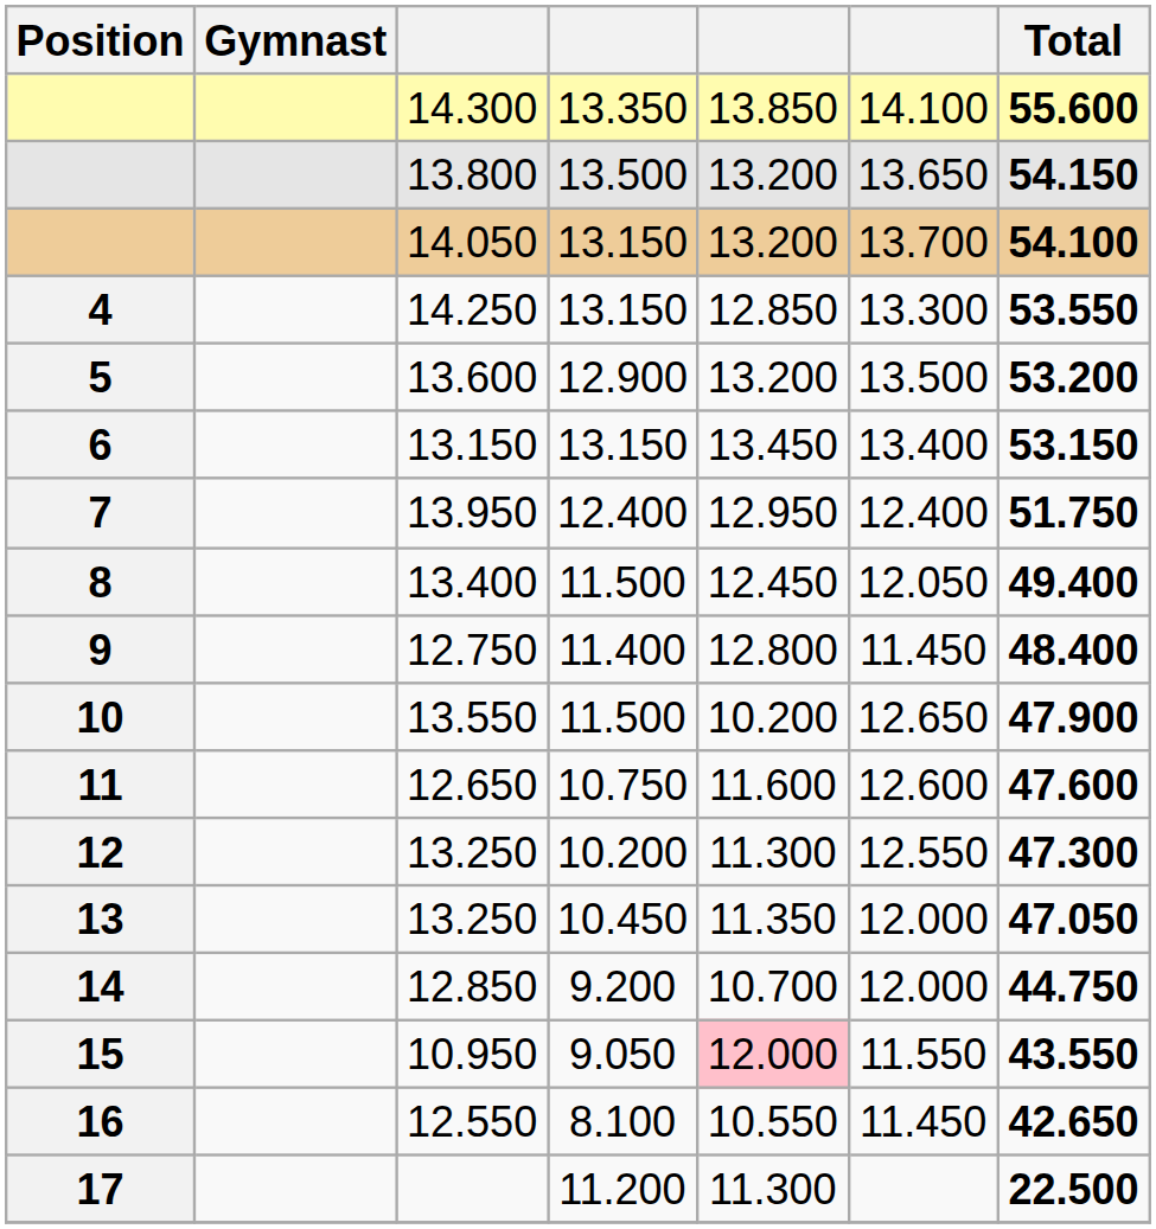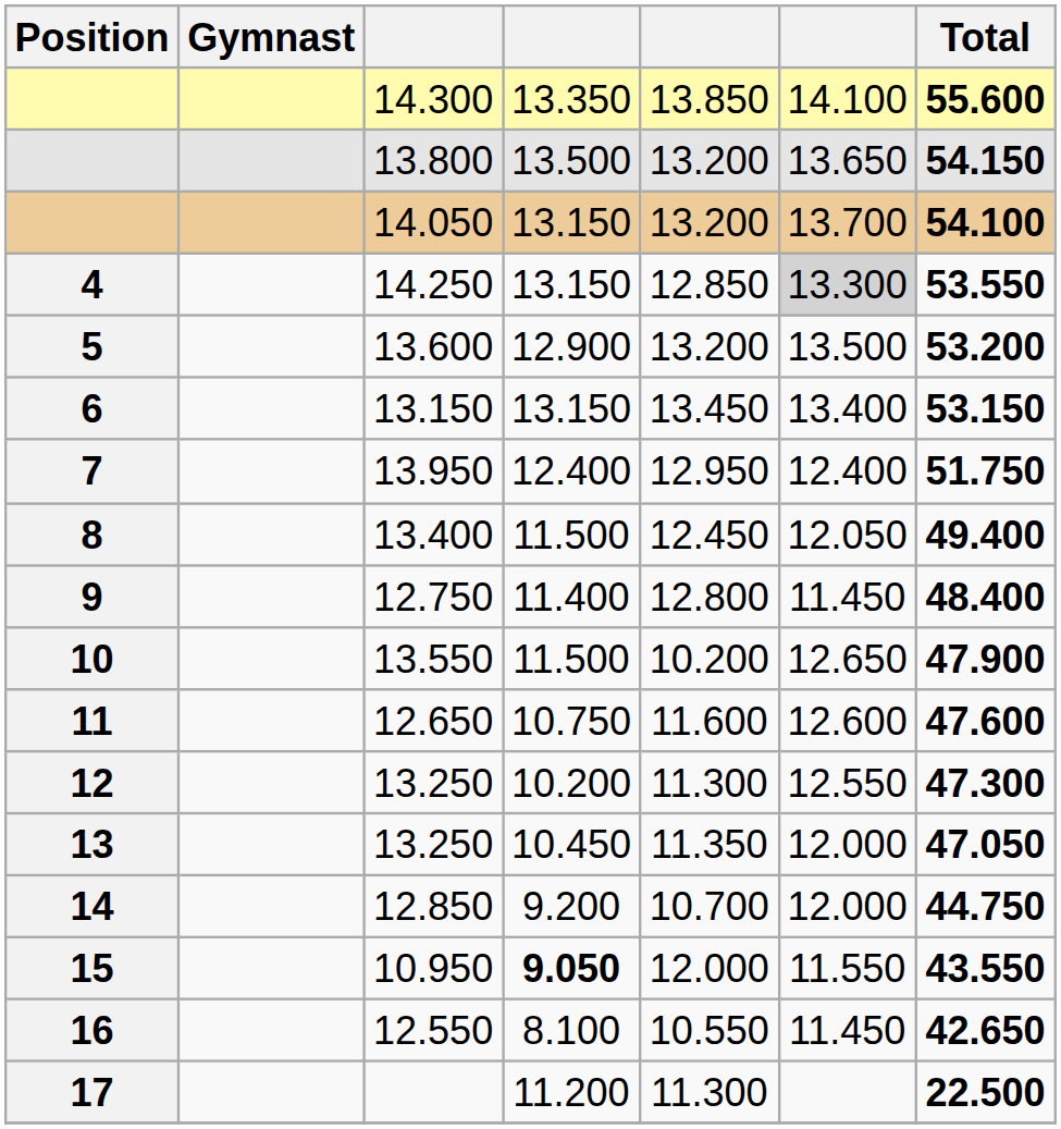 <table class="wikitable sortable" style="text-align:center; font-size:95%">
 <tr>
 <th>Position</th>
 <th>Gymnast</th>
 <th></th>
 <th></th>
 <th></th>
 <th></th>
 <th>Total</th>
 </tr>
 <tr bgcolor=fffcaf>
 <td></td>
 <td align=left></td>
 <td>14.300</td>
 <td>13.350</td>
 <td>13.850</td>
 <td>14.100</td>
 <td><strong>55.600</strong></td>
 </tr>
 <tr bgcolor=e5e5e5>
 <td></td>
 <td align=left></td>
 <td>13.800</td>
 <td>13.500</td>
 <td>13.200</td>
 <td>13.650</td>
 <td><strong>54.150</strong></td>
 </tr>
 <tr bgcolor=eecc99>
 <td></td>
 <td align=left></td>
 <td>14.050</td>
 <td>13.150</td>
 <td>13.200</td>
 <td>13.700</td>
 <td><strong>54.100</strong></td>
 </tr>
 <tr>
 <th><strong>4</strong></th>
 <td align=left></td>
 <td>14.250</td>
 <td>13.150</td>
 <td>12.850</td>
-<td>13.300</td>
+<td style="background: lightgrey;">13.300</td>
 <td><strong>53.550</strong></td>
 </tr>
 <tr>
 <th><strong>5</strong></th>
 <td align=left></td>
 <td>13.600</td>
 <td>12.900</td>
 <td>13.200</td>
 <td>13.500</td>
 <td><strong>53.200</strong></td>
 </tr>
 <tr>
 <th><strong>6</strong></th>
 <td align=left></td>
 <td>13.150</td>
 <td>13.150</td>
 <td>13.450</td>
 <td>13.400</td>
 <td><strong>53.150</strong></td>
 </tr>
 <tr>
 <th><strong>7</strong></th>
 <td align=left></td>
 <td>13.950</td>
 <td>12.400</td>
 <td>12.950</td>
 <td>12.400</td>
 <td><strong>51.750</strong></td>
 </tr>
 <tr>
 <th><strong>8</strong></th>
 <td align=left></td>
 <td>13.400</td>
 <td>11.500</td>
 <td>12.450</td>
 <td>12.050</td>
 <td><strong>49.400</strong></td>
 </tr>
 <tr>
 <th><strong>9</strong></th>
 <td align=left></td>
 <td>12.750</td>
 <td>11.400</td>
 <td>12.800</td>
 <td>11.450</td>
 <td><strong>48.400</strong></td>
 </tr>
 <tr>
 <th><strong>10</strong></th>
 <td align=left></td>
 <td>13.550</td>
 <td>11.500</td>
 <td>10.200</td>
 <td>12.650</td>
 <td><strong>47.900</strong></td>
 </tr>
 <tr>
 <th><strong>11</strong></th>
 <td align=left></td>
 <td>12.650</td>
 <td>10.750</td>
 <td>11.600</td>
 <td>12.600</td>
 <td><strong>47.600</strong></td>
 </tr>
 <tr>
 <th><strong>12</strong></th>
 <td align=left></td>
 <td>13.250</td>
 <td>10.200</td>
 <td>11.300</td>
 <td>12.550</td>
 <td><strong>47.300</strong></td>
 </tr>
 <tr>
 <th><strong>13</strong></th>
 <td align=left></td>
 <td>13.250</td>
 <td>10.450</td>
 <td>11.350</td>
 <td>12.000</td>
 <td><strong>47.050</strong></td>
 </tr>
 <tr>
 <th><strong>14</strong></th>
 <td align=left></td>
 <td>12.850</td>
 <td>9.200</td>
 <td>10.700</td>
 <td>12.000</td>
 <td><strong>44.750</strong></td>
 </tr>
 <tr>
 <th><strong>15</strong></th>
 <td align=left></td>
 <td>10.950</td>
-<td>9.050</td>
-<td style="background: pink;">12.000</td>
+<td><strong>9.050</strong></td>
+<td>12.000</td>
 <td>11.550</td>
 <td><strong>43.550</strong></td>
 </tr>
 <tr>
 <th><strong>16</strong></th>
 <td align=left></td>
 <td>12.550</td>
 <td>8.100</td>
 <td>10.550</td>
 <td>11.450</td>
 <td><strong>42.650</strong></td>
 </tr>
 <tr>
 <th><strong>17</strong></th>
 <td align=left></td>
 <td></td>
 <td>11.200</td>
 <td>11.300</td>
 <td></td>
 <td><strong>22.500</strong></td>
 </tr>
 <tr>
 </tr>
 </table>
